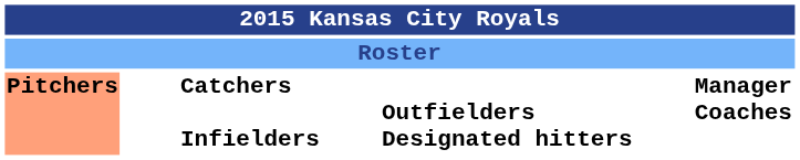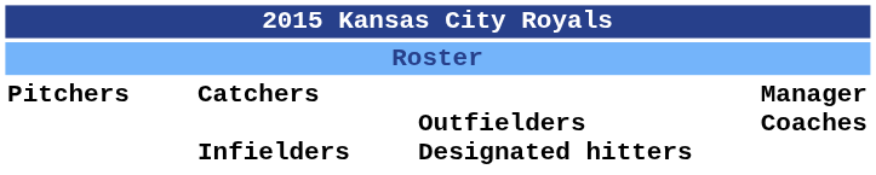 <table class="toccolours" style="font-size: 95%;">
 <tr>
 <th colspan="10" style="background-color: #27408B; color: #FFFFFF; text-align: center;">2015 Kansas City Royals</th>
 </tr>
 <tr>
 <td colspan="10" style="background-color: #74B4FA; color: #27408B; text-align: center;"><strong>Roster</strong></td>
 </tr>
 <tr>
-<td valign="top" style="background: lightsalmon;"><strong>Pitchers</strong><br>                       </td>
+<td valign="top"><strong>Pitchers</strong><br>                       </td>
 <td width="25px"></td>
 <td valign="top"><strong>Catchers</strong><br>   <br><strong>Infielders</strong>         </td>
 <td width="25px"></td>
 <td valign="top"><br><strong>Outfielders</strong>       <br><strong>Designated hitters</strong> </td>
 <td width="25px"></td>
 <td valign="top"><strong>Manager</strong><br> <strong>Coaches</strong>              </td>
 </tr>
 </table>
